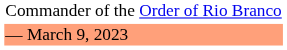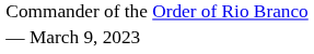 <table>
 <tr>
 <td rowspan=2 style="width:60px; vertical-align:top;"></td>
 <td>Commander of the <a href='#'>Order of Rio Branco</a></td>
 </tr>
 <tr>
-<td style="background: lightsalmon;">— March 9, 2023</td>
+<td>— March 9, 2023</td>
 </tr>
 </table>
